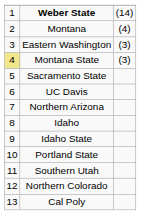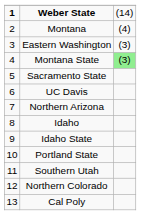 <table class="wikitable" style="display: inline-table;">
 <tr align="center">
 </tr>
 <tr align="center">
-<td>1</td>
+<td><strong>1</strong></td>
 <td><strong>Weber State</strong></td>
 <td>(14)</td>
 </tr>
 <tr align="center">
 <td>2</td>
 <td>Montana</td>
 <td>(4)</td>
 </tr>
 <tr align="center">
 <td>3</td>
 <td>Eastern Washington</td>
 <td>(3)</td>
 </tr>
 <tr align="center">
-<td style="background: khaki;">4</td>
+<td>4</td>
 <td>Montana State</td>
-<td>(3)</td>
+<td style="background: lightgreen;">(3)</td>
 </tr>
 <tr align="center">
 <td>5</td>
 <td>Sacramento State</td>
 <td></td>
 </tr>
 <tr align="center">
 <td>6</td>
 <td>UC Davis</td>
 <td></td>
 </tr>
 <tr align="center">
 <td>7</td>
 <td>Northern Arizona</td>
 <td></td>
 </tr>
 <tr align="center">
 <td>8</td>
 <td>Idaho</td>
 <td></td>
 </tr>
 <tr align="center">
 <td>9</td>
 <td>Idaho State</td>
 <td></td>
 </tr>
 <tr align="center">
 <td>10</td>
 <td>Portland State</td>
 <td></td>
 </tr>
 <tr align="center">
 <td>11</td>
 <td>Southern Utah</td>
 <td></td>
 </tr>
 <tr align="center">
 <td>12</td>
 <td>Northern Colorado</td>
 <td></td>
 </tr>
 <tr align="center">
 <td>13</td>
 <td>Cal Poly</td>
 <td></td>
 </tr>
 </table>
